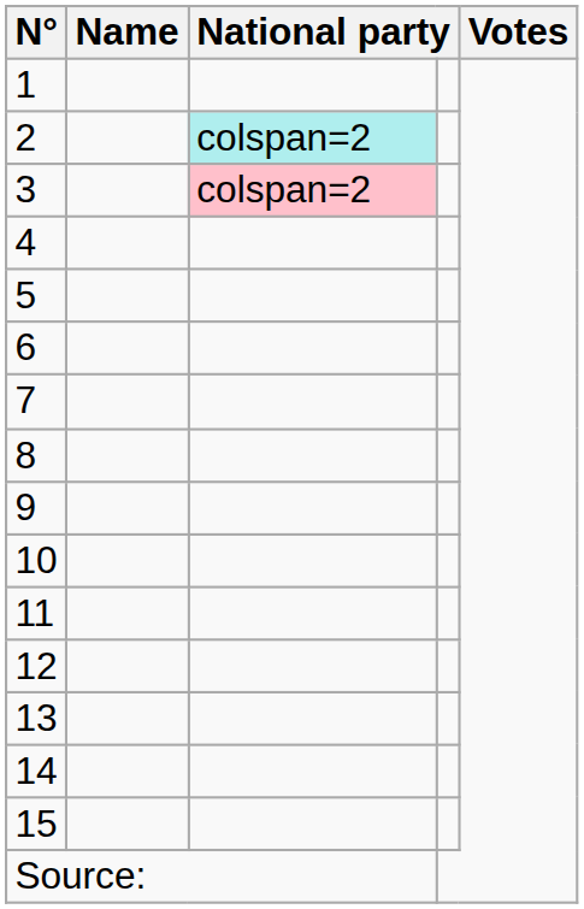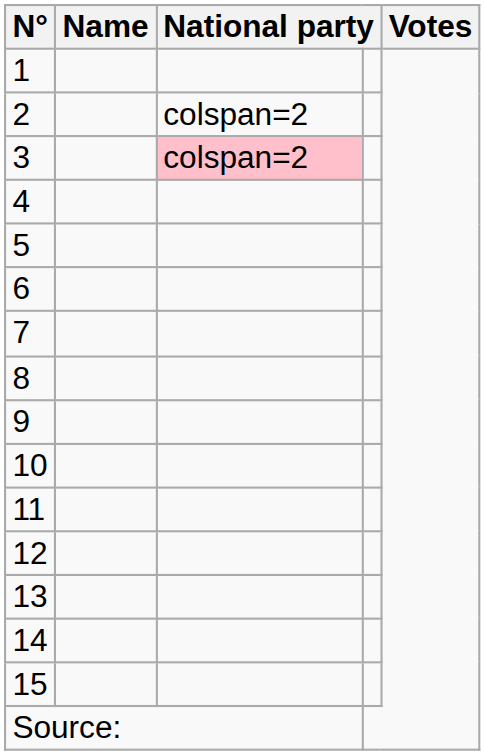 <table class="wikitable sortable" style="font-size:95%;line-height:14px;">
 <tr>
 <th>N°</th>
 <th>Name</th>
 <th colspan="2">National party</th>
 <th>Votes</th>
 </tr>
 <tr>
 <td>1</td>
 <td><em></em></td>
 <td></td>
 <td></td>
 </tr>
 <tr>
 <td>2</td>
 <td></td>
-<td style="background: paleturquoise;">colspan=2 </td>
+<td>colspan=2 </td>
 <td></td>
 </tr>
 <tr>
 <td>3</td>
 <td></td>
 <td style="background: pink;">colspan=2 </td>
 <td></td>
 </tr>
 <tr>
 <td>4</td>
 <td></td>
 <td></td>
 <td></td>
 </tr>
 <tr>
 <td>5</td>
 <td></td>
 <td></td>
 <td></td>
 </tr>
 <tr>
 <td>6</td>
 <td></td>
 <td></td>
 <td></td>
 </tr>
 <tr>
 <td>7</td>
 <td></td>
 <td></td>
 <td></td>
 </tr>
 <tr>
 <td>8</td>
 <td></td>
 <td></td>
 <td></td>
 </tr>
 <tr>
 <td>9</td>
 <td></td>
 <td></td>
 <td></td>
 </tr>
 <tr>
 <td>10</td>
 <td></td>
 <td></td>
 <td></td>
 </tr>
 <tr>
 <td>11</td>
 <td></td>
 <td></td>
 <td></td>
 </tr>
 <tr>
 <td>12</td>
 <td></td>
 <td></td>
 <td></td>
 </tr>
 <tr>
 <td>13</td>
 <td></td>
 <td></td>
 <td></td>
 </tr>
 <tr>
 <td>14</td>
 <td></td>
 <td></td>
 <td></td>
 </tr>
 <tr>
 <td>15</td>
 <td></td>
 <td></td>
 <td></td>
 </tr>
 <tr>
 <td colspan="3">Source: </td>
 </tr>
 </table>
